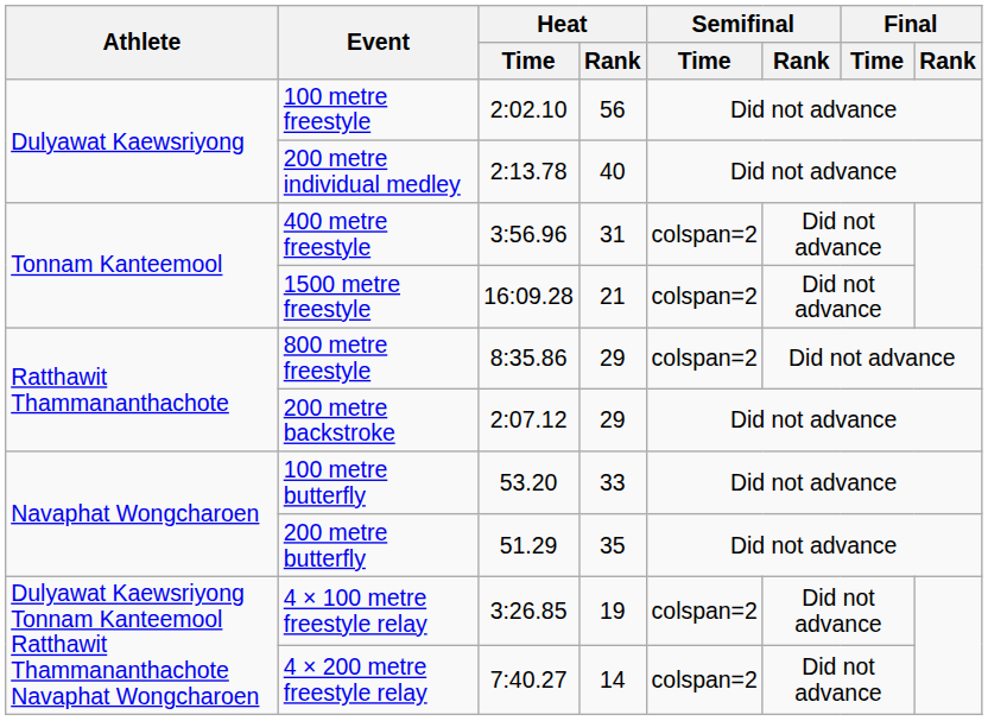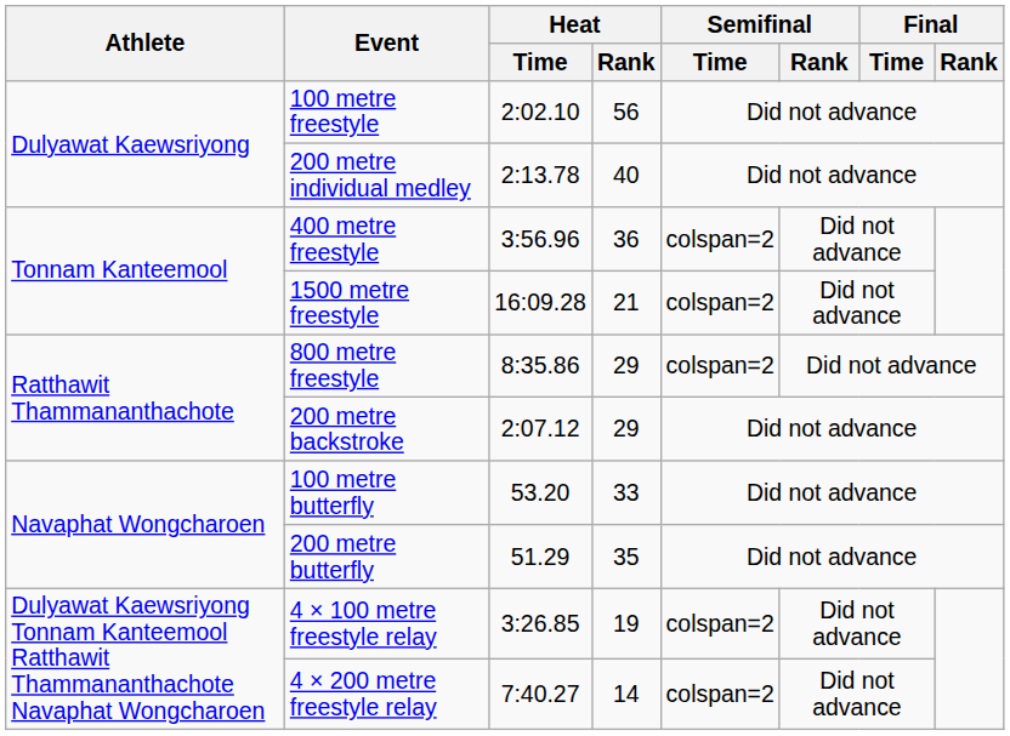 <table class="wikitable" style="font-size:90%;">
 <tr>
 <th rowspan="2">Athlete</th>
 <th rowspan="2">Event</th>
 <th colspan="2">Heat</th>
 <th colspan="2">Semifinal</th>
 <th colspan="2">Final</th>
 </tr>
 <tr>
 <th>Time</th>
 <th>Rank</th>
 <th>Time</th>
 <th>Rank</th>
 <th>Time</th>
 <th>Rank</th>
 </tr>
 <tr align="center">
 <td rowspan="2" align="left"><a href='#'>Dulyawat Kaewsriyong</a></td>
 <td align="left"><a href='#'>100 metre freestyle</a></td>
 <td>2:02.10</td>
 <td>56</td>
 <td colspan=4>Did not advance</td>
 </tr>
 <tr align="center">
 <td align="left"><a href='#'>200 metre individual medley</a></td>
 <td>2:13.78</td>
 <td>40</td>
 <td colspan=4>Did not advance</td>
 </tr>
 <tr align="center">
 <td rowspan="2" align="left"><a href='#'>Tonnam Kanteemool</a></td>
 <td align="left"><a href='#'>400 metre freestyle</a></td>
 <td>3:56.96</td>
-<td>31</td>
+<td>36</td>
 <td>colspan=2 </td>
 <td colspan=2>Did not advance</td>
 </tr>
 <tr align="center">
 <td align="left"><a href='#'>1500 metre freestyle</a></td>
 <td>16:09.28</td>
 <td>21</td>
 <td>colspan=2 </td>
 <td colspan=2>Did not advance</td>
 </tr>
 <tr align="center">
 <td rowspan="2"  align="left"><a href='#'>Ratthawit Thammananthachote</a></td>
 <td align="left"><a href='#'>800 metre freestyle</a></td>
 <td>8:35.86</td>
 <td>29</td>
 <td>colspan=2 </td>
 <td colspan=4>Did not advance</td>
 </tr>
 <tr align="center">
 <td align="left"><a href='#'>200 metre backstroke</a></td>
 <td>2:07.12</td>
 <td>29</td>
 <td colspan=4>Did not advance</td>
 </tr>
 <tr align="center">
 <td rowspan="2" align="left"><a href='#'>Navaphat Wongcharoen</a></td>
 <td align="left"><a href='#'>100 metre butterfly</a></td>
 <td>53.20</td>
 <td>33</td>
 <td colspan=4>Did not advance</td>
 </tr>
 <tr align="center">
 <td align="left"><a href='#'>200 metre butterfly</a></td>
 <td>51.29</td>
 <td>35</td>
 <td colspan=4>Did not advance</td>
 </tr>
 <tr align="center">
 <td rowspan="2" align="left"><a href='#'>Dulyawat Kaewsriyong</a><br><a href='#'>Tonnam Kanteemool</a><br><a href='#'>Ratthawit Thammananthachote</a><br><a href='#'>Navaphat Wongcharoen</a></td>
 <td align="left"><a href='#'>4 × 100 metre freestyle relay</a></td>
 <td>3:26.85</td>
 <td>19</td>
 <td>colspan=2 </td>
 <td colspan=2>Did not advance</td>
 </tr>
 <tr align="center">
 <td align="left"><a href='#'>4 × 200 metre freestyle relay</a></td>
 <td>7:40.27</td>
 <td>14</td>
 <td>colspan=2 </td>
 <td colspan=2>Did not advance</td>
 </tr>
 </table>
